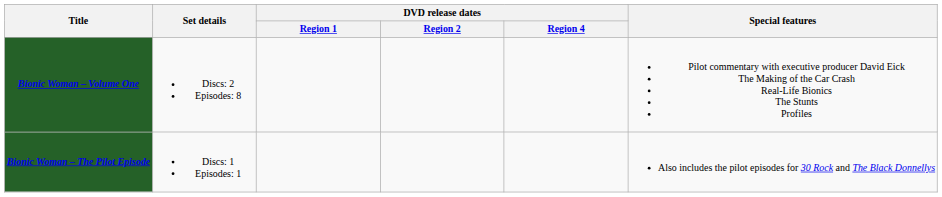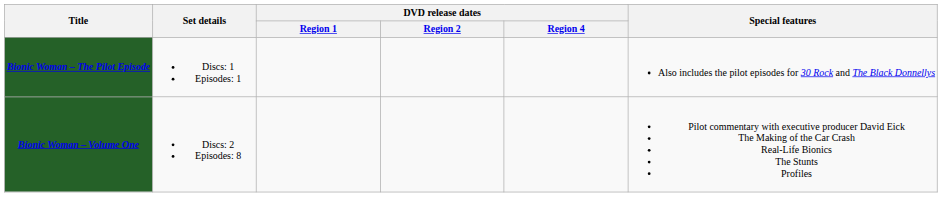 <table class="wikitable plainrowheaders" style="font-size:90%; text-align: center">
 <tr>
 <th scope="col" rowspan="2">Title</th>
 <th scope="col" rowspan="2" style="width: 10em;">Set details</th>
 <th scope="col" colspan="3">DVD release dates</th>
 <th scope="col" rowspan="2">Special features</th>
 </tr>
 <tr>
 <th scope="col" style="width: 12em; font-size: 100%;"><a href='#'>Region 1</a></th>
 <th scope="col" style="width: 12em; font-size: 100%;"><a href='#'>Region 2</a></th>
 <th scope="col" style="width: 12em; font-size: 100%;"><a href='#'>Region 4</a></th>
 </tr>
 <tr>
+<th scope="row" style="text-align:center; background:#256128;"><em><a href='#'><span>Bionic Woman – The Pilot Episode</span></a></em></th>
+<td><br><ul><li>Discs: 1</li><li>Episodes: 1</li></ul></td>
+<td></td>
+<td></td>
+<td></td>
+<td><br><ul><li>Also includes the pilot episodes for <em><a href='#'>30 Rock</a></em> and <em><a href='#'>The Black Donnellys</a></em></li></ul></td>
+</tr>
+<tr>
 <th scope="row" style="text-align:center; background:#256128;"><em><a href='#'><span>Bionic Woman – Volume One</span></a></em></th>
 <td><br><ul><li>Discs: 2</li><li>Episodes: 8</li></ul></td>
 <td></td>
 <td></td>
 <td></td>
 <td><br><ul><li>Pilot commentary with executive producer David Eick</li><li>The Making of the Car Crash</li><li>Real-Life Bionics</li><li>The Stunts</li><li>Profiles</li></ul></td>
 </tr>
-<tr>
-<th scope="row" style="text-align:center; background:#256128;"><em><a href='#'><span>Bionic Woman – The Pilot Episode</span></a></em></th>
-<td><br><ul><li>Discs: 1</li><li>Episodes: 1</li></ul></td>
-<td></td>
-<td></td>
-<td></td>
-<td><br><ul><li>Also includes the pilot episodes for <em><a href='#'>30 Rock</a></em> and <em><a href='#'>The Black Donnellys</a></em></li></ul></td>
-</tr>
 </table>
